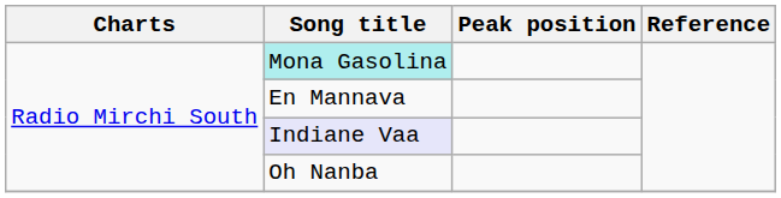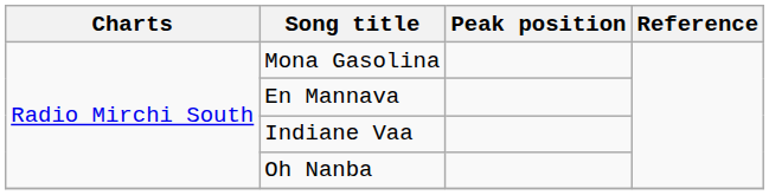 <table class="wikitable sortable">
 <tr>
 <th>Charts</th>
 <th>Song title</th>
 <th>Peak position</th>
 <th>Reference</th>
 </tr>
 <tr>
 <td rowspan="4"><a href='#'>Radio Mirchi South</a></td>
-<td style="background: paleturquoise;">Mona Gasolina</td>
+<td>Mona Gasolina</td>
 <td></td>
 <td rowspan="4"></td>
 </tr>
 <tr>
 <td>En Mannava</td>
 <td></td>
 </tr>
 <tr>
-<td style="background: lavender;">Indiane Vaa</td>
+<td>Indiane Vaa</td>
 <td></td>
 </tr>
 <tr>
 <td>Oh Nanba</td>
 <td></td>
 </tr>
 <tr>
 </tr>
 </table>
